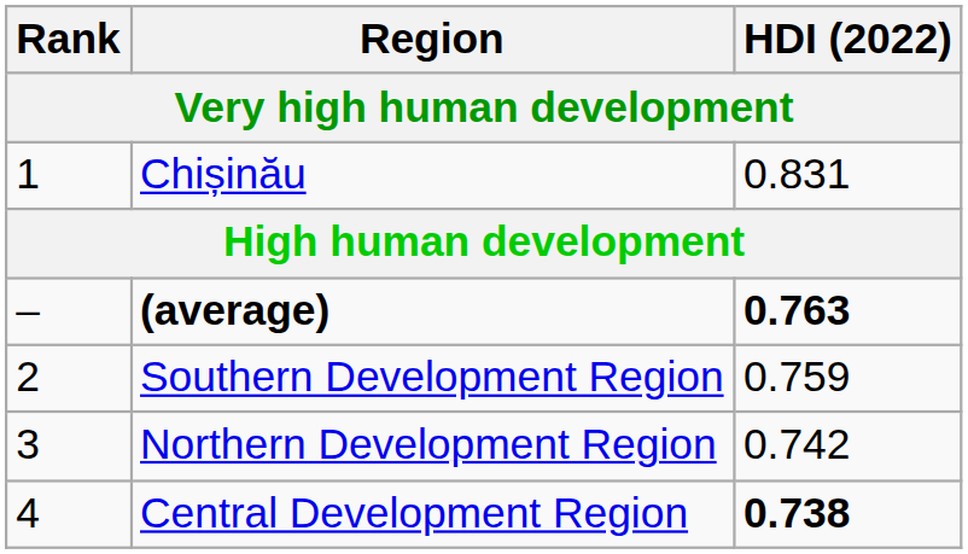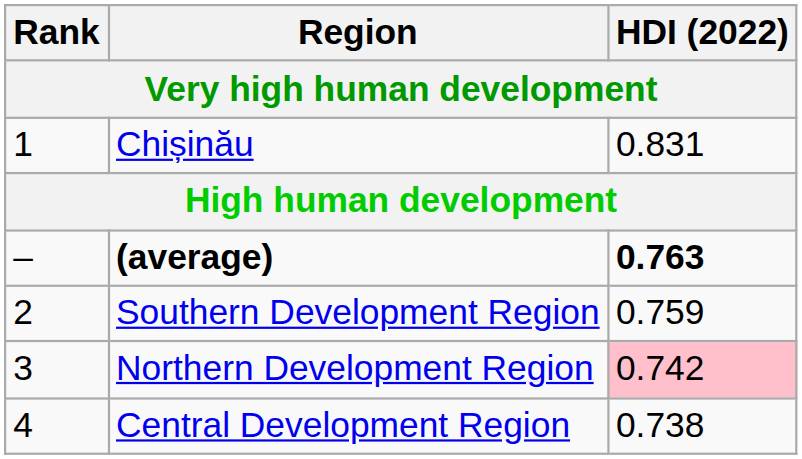 <table class="wikitable sortable">
 <tr>
 <th>Rank</th>
 <th>Region</th>
 <th>HDI (2022)</th>
 </tr>
 <tr>
 <th colspan="3" style="color:#090;">Very high human development</th>
 </tr>
 <tr>
 <td>1</td>
 <td><a href='#'>Chișinău</a></td>
 <td>0.831</td>
 </tr>
 <tr>
 <th colspan="3" style="color:#0c0;">High human development</th>
 </tr>
 <tr>
 <td>–</td>
 <td><strong> (average)</strong></td>
 <td><strong>0.763</strong></td>
 </tr>
 <tr>
 <td>2</td>
 <td><a href='#'>Southern Development Region</a></td>
 <td>0.759</td>
 </tr>
 <tr>
 <td>3</td>
 <td><a href='#'>Northern Development Region</a></td>
-<td>0.742</td>
+<td style="background: pink;">0.742</td>
 </tr>
 <tr>
 <td>4</td>
 <td><a href='#'>Central Development Region</a></td>
-<td><strong>0.738</strong></td>
+<td>0.738</td>
 </tr>
 </table>
